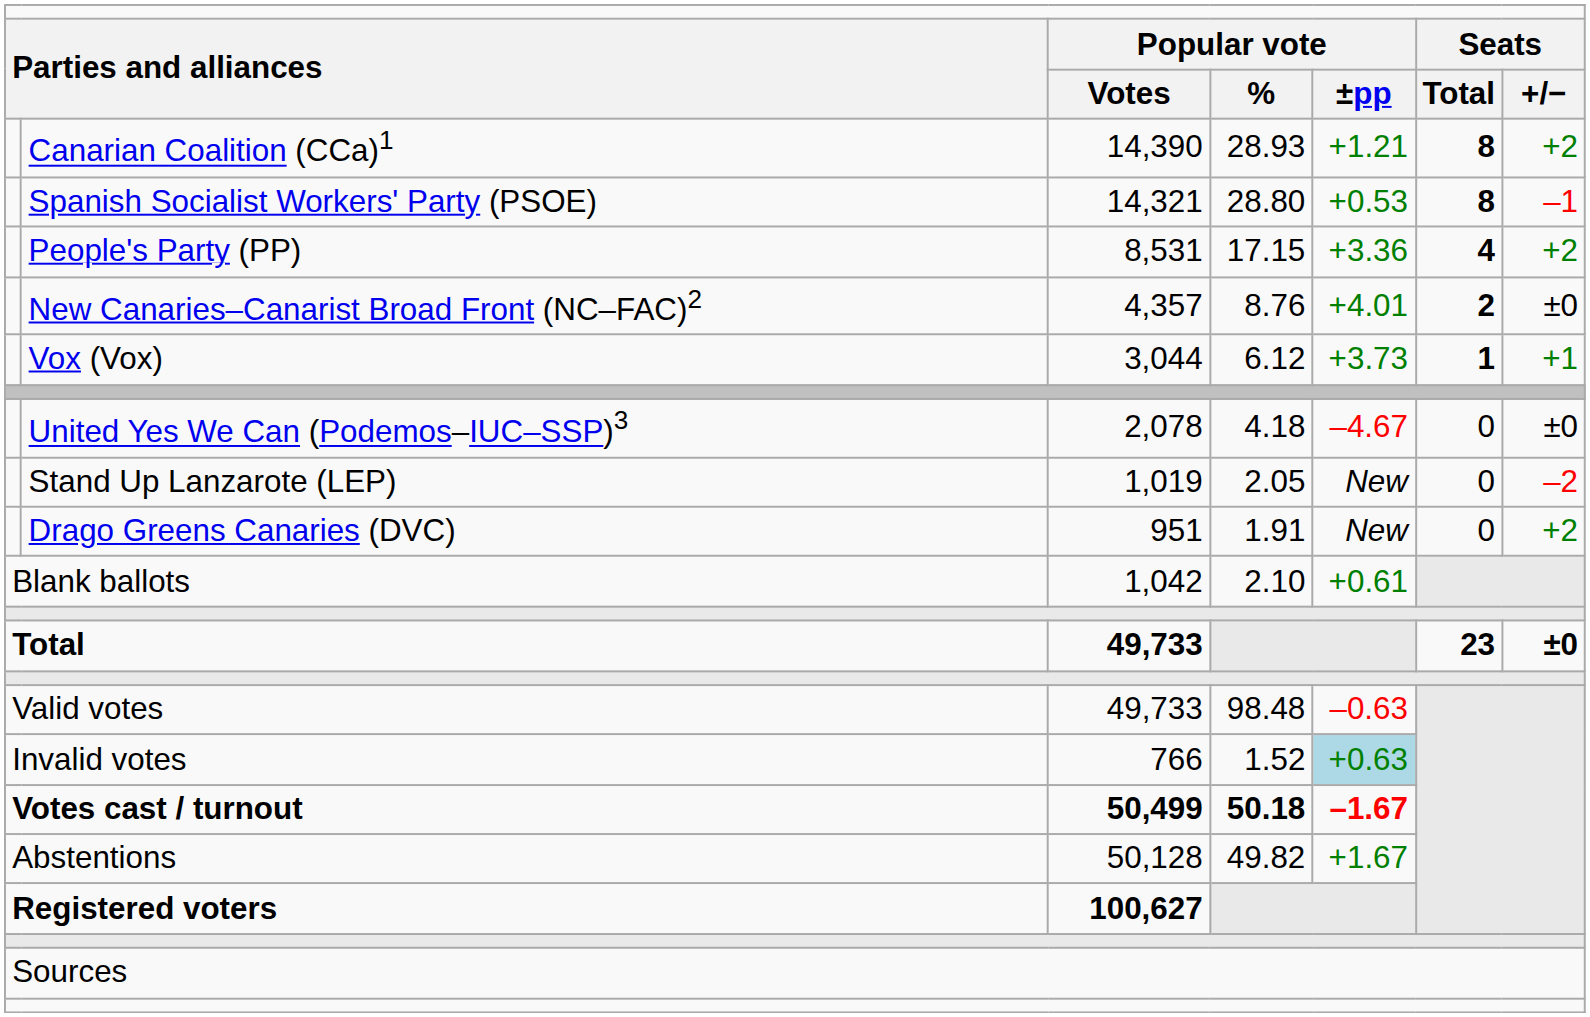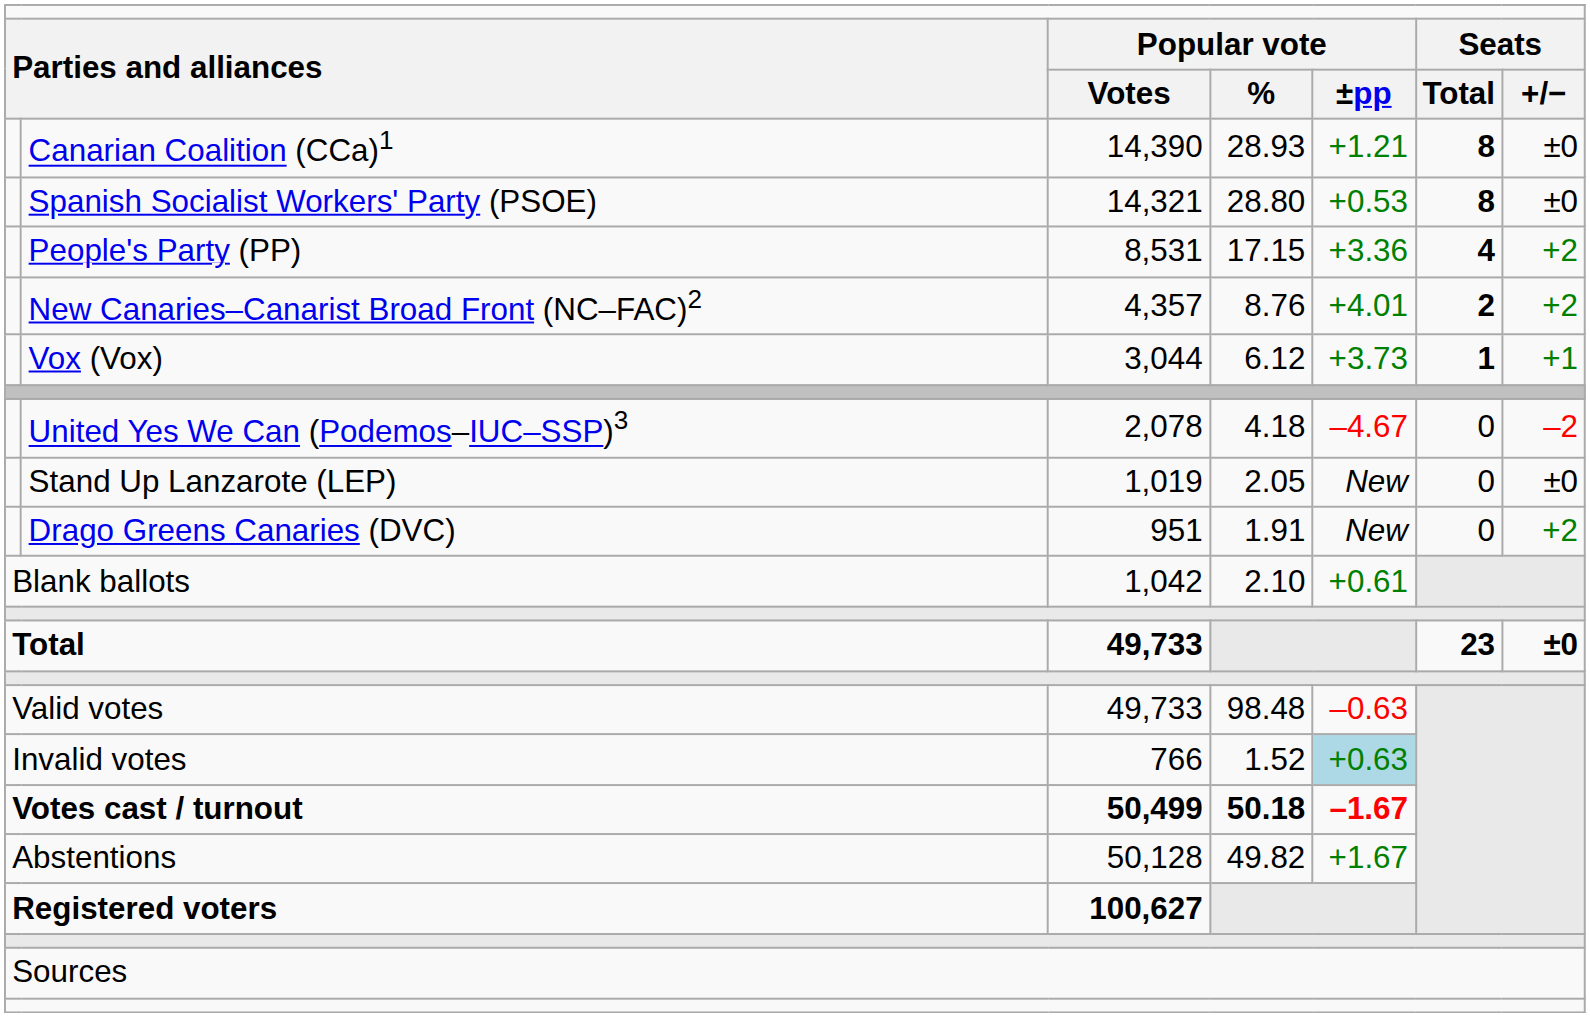 <table class="wikitable" style="text-align:right;">
 <tr>
 <td colspan="7"></td>
 </tr>
 <tr>
 <th style="text-align:left;" rowspan="2" colspan="2" width="525">Parties and alliances</th>
 <th colspan="3">Popular vote</th>
 <th colspan="2">Seats</th>
 </tr>
 <tr>
 <th width="75">Votes</th>
 <th width="45">%</th>
 <th width="45">±<a href='#'>pp</a></th>
 <th width="35">Total</th>
 <th width="35">+/−</th>
 </tr>
 <tr>
 <td width="1" style="color:inherit;background:"></td>
 <td align="left"><a href='#'>Canarian Coalition</a> (CCa)<sup>1</sup></td>
 <td>14,390</td>
 <td>28.93</td>
 <td style="color:green;">+1.21</td>
 <td><strong>8</strong></td>
-<td style="color:green;">+2</td>
+<td>±0</td>
 </tr>
 <tr>
 <td style="color:inherit;background:"></td>
 <td align="left"><a href='#'>Spanish Socialist Workers' Party</a> (PSOE)</td>
 <td>14,321</td>
 <td>28.80</td>
 <td style="color:green;">+0.53</td>
 <td><strong>8</strong></td>
-<td style="color:red;">–1</td>
+<td>±0</td>
 </tr>
 <tr>
 <td style="color:inherit;background:"></td>
 <td align="left"><a href='#'>People's Party</a> (PP)</td>
 <td>8,531</td>
 <td>17.15</td>
 <td style="color:green;">+3.36</td>
 <td><strong>4</strong></td>
 <td style="color:green;">+2</td>
 </tr>
 <tr>
 <td style="color:inherit;background:"></td>
 <td align="left"><a href='#'>New Canaries–Canarist Broad Front</a> (NC–FAC)<sup>2</sup></td>
 <td>4,357</td>
 <td>8.76</td>
 <td style="color:green;">+4.01</td>
 <td><strong>2</strong></td>
-<td>±0</td>
+<td style="color:green;">+2</td>
 </tr>
 <tr>
 <td style="color:inherit;background:"></td>
 <td align="left"><a href='#'>Vox</a> (Vox)</td>
 <td>3,044</td>
 <td>6.12</td>
 <td style="color:green;">+3.73</td>
 <td><strong>1</strong></td>
 <td style="color:green;">+1</td>
 </tr>
 <tr>
 <td colspan="7" bgcolor="#C0C0C0"></td>
 </tr>
 <tr>
 <td style="color:inherit;background:"></td>
 <td align="left"><a href='#'>United Yes We Can</a> (<a href='#'>Podemos</a>–<a href='#'>IUC–SSP</a>)<sup>3</sup></td>
 <td>2,078</td>
 <td>4.18</td>
 <td style="color:red;">–4.67</td>
 <td>0</td>
-<td>±0</td>
+<td style="color:red;">–2</td>
 </tr>
 <tr>
 <td style="color:inherit;background:"></td>
 <td align="left">Stand Up Lanzarote (LEP)</td>
 <td>1,019</td>
 <td>2.05</td>
 <td><em>New</em></td>
 <td>0</td>
-<td style="color:red;">–2</td>
+<td>±0</td>
 </tr>
 <tr>
 <td style="color:inherit;background:"></td>
 <td align="left"><a href='#'>Drago Greens Canaries</a> (DVC)</td>
 <td>951</td>
 <td>1.91</td>
 <td><em>New</em></td>
 <td>0</td>
 <td style="color:green;">+2</td>
 </tr>
 <tr>
 <td align="left" colspan="2">Blank ballots</td>
 <td>1,042</td>
 <td>2.10</td>
 <td style="color:green;">+0.61</td>
 <td bgcolor="#E9E9E9" colspan="2"></td>
 </tr>
 <tr>
 <td colspan="7" bgcolor="#E9E9E9"></td>
 </tr>
 <tr style="font-weight:bold;">
 <td align="left" colspan="2">Total</td>
 <td>49,733</td>
 <td bgcolor="#E9E9E9" colspan="2"></td>
 <td>23</td>
 <td>±0</td>
 </tr>
 <tr>
 <td colspan="7" bgcolor="#E9E9E9"></td>
 </tr>
 <tr>
 <td align="left" colspan="2">Valid votes</td>
 <td>49,733</td>
 <td>98.48</td>
 <td style="color:red;">–0.63</td>
 <td bgcolor="#E9E9E9" colspan="2" rowspan="5"></td>
 </tr>
 <tr>
 <td align="left" colspan="2">Invalid votes</td>
 <td>766</td>
 <td>1.52</td>
 <td style="background: lightblue; color:green;">+0.63</td>
 </tr>
 <tr style="font-weight:bold;">
 <td align="left" colspan="2">Votes cast / turnout</td>
 <td>50,499</td>
 <td>50.18</td>
 <td style="color:red;">–1.67</td>
 </tr>
 <tr>
 <td align="left" colspan="2">Abstentions</td>
 <td>50,128</td>
 <td>49.82</td>
 <td style="color:green;">+1.67</td>
 </tr>
 <tr style="font-weight:bold;">
 <td align="left" colspan="2">Registered voters</td>
 <td>100,627</td>
 <td bgcolor="#E9E9E9" colspan="2"></td>
 </tr>
 <tr>
 <td colspan="7" bgcolor="#E9E9E9"></td>
 </tr>
 <tr>
 <td align="left" colspan="7">Sources</td>
 </tr>
 <tr>
 <td colspan="7" style="text-align:left; max-width:790px;"></td>
 </tr>
 </table>
